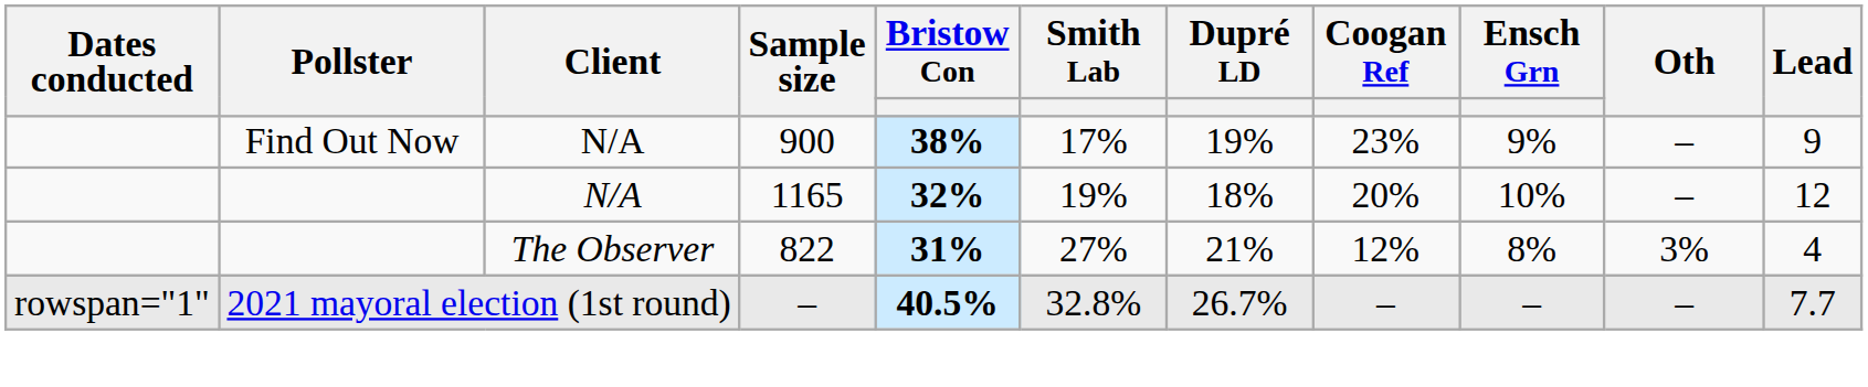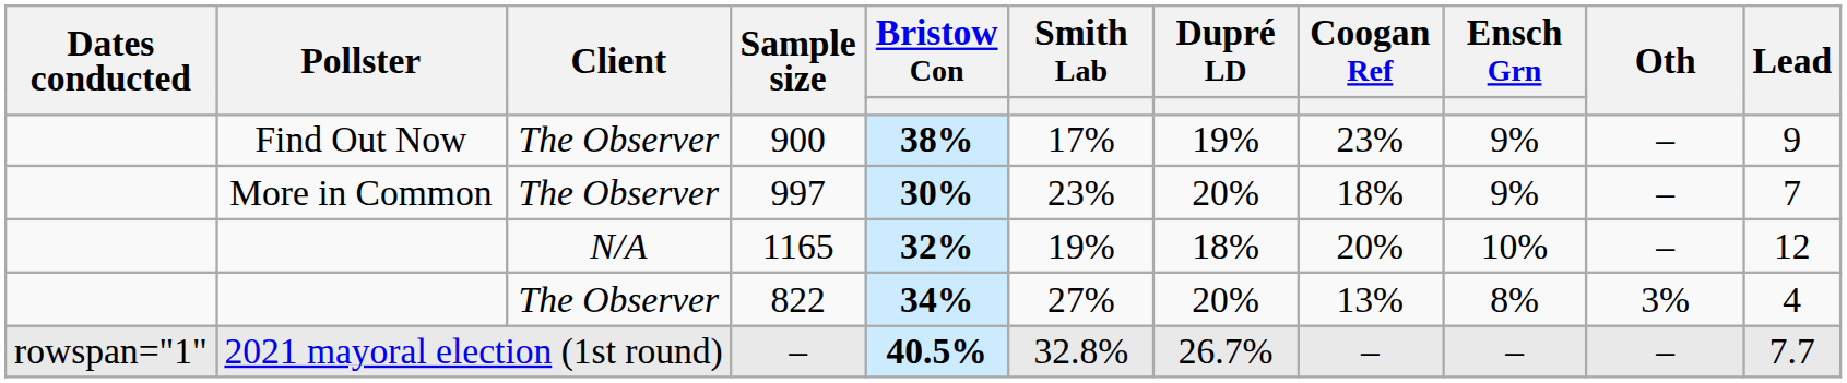 <table class="wikitable sortable tpl-blanktable" style="text-align:center; line-height:14px; font-size:90%;">
 <tr>
 <th rowspan="2">Dates<br>conducted</th>
 <th rowspan="2">Pollster</th>
 <th rowspan="2">Client</th>
 <th rowspan="2" data-sort-type="number">Sample<br>size</th>
 <th class="unsortable" style="width:50px;"><a href='#'>Bristow</a> <br><small>Con</small></th>
 <th class="unsortable" style="width:50px;">Smith <br><small>Lab</small></th>
 <th class="unsortable" style="width:50px;">Dupré <br><small>LD</small></th>
 <th class="unsortable" style="width:50px;">Coogan <br> <small><a href='#'>Ref</a></small></th>
 <th class="unsortable" style="width:50px;">Ensch <br> <small><a href='#'>Grn</a></small></th>
 <th rowspan="2" class="unsortable" style="width:55px;">Oth</th>
 <th rowspan="2" data-sort-type="number">Lead</th>
 </tr>
 <tr>
 <th data-sort-type="number" style="background:"></th>
 <th data-sort-type="number" style="background:"></th>
 <th data-sort-type="number" style="background:"></th>
 <th data-sort-type="number" style="background:"></th>
 <th data-sort-type="number" style="background:"></th>
 </tr>
 <tr>
 <td></td>
 <td>Find Out Now</td>
-<td>N/A</td>
+<td><em>The Observer</em></td>
 <td>900</td>
 <td style="background:#CCEBFF; color: black;"><strong>38%</strong></td>
 <td>17%</td>
 <td>19%</td>
 <td>23%</td>
 <td>9%</td>
 <td>–</td>
 <td style="background:">9</td>
+</tr>
+<tr>
+<td></td>
+<td>More in Common</td>
+<td><em>The Observer</em></td>
+<td>997</td>
+<td style="background:#CCEBFF; color: black;"><strong>30%</strong></td>
+<td>23%</td>
+<td>20%</td>
+<td>18%</td>
+<td>9%</td>
+<td>–</td>
+<td style="background:">7</td>
 </tr>
 <tr>
 <td></td>
 <td></td>
 <td><em>N/A</em></td>
 <td>1165</td>
 <td style="background:#CCEBFF;"><strong>32%</strong></td>
 <td>19%</td>
 <td>18%</td>
 <td>20%</td>
 <td>10%</td>
 <td>–</td>
 <td style="background:">12</td>
 </tr>
 <tr>
 <td></td>
 <td></td>
 <td><em>The Observer</em></td>
 <td>822</td>
-<td style="background:#CCEBFF;"><strong>31%</strong></td>
+<td style="background:#CCEBFF;"><strong>34%</strong></td>
 <td>27%</td>
-<td>21%</td>
-<td>12%</td>
+<td>20%</td>
+<td>13%</td>
 <td>8%</td>
 <td>3%</td>
 <td style="background:">4</td>
 </tr>
 <tr style="background:#E9E9E9;">
 <td>rowspan="1" </td>
 <td colspan="2" rowspan="1"><a href='#'>2021 mayoral election</a> (1st round)</td>
 <td>–</td>
 <td style="background:#CCEBFF;"><strong>40.5%</strong></td>
 <td>32.8%</td>
 <td>26.7%</td>
 <td>–</td>
 <td>–</td>
 <td>–</td>
 <td style="background:">7.7</td>
 </tr>
 </table>
